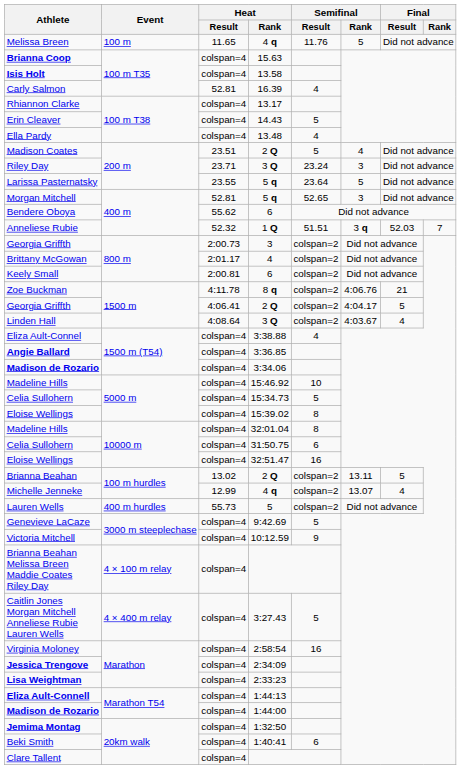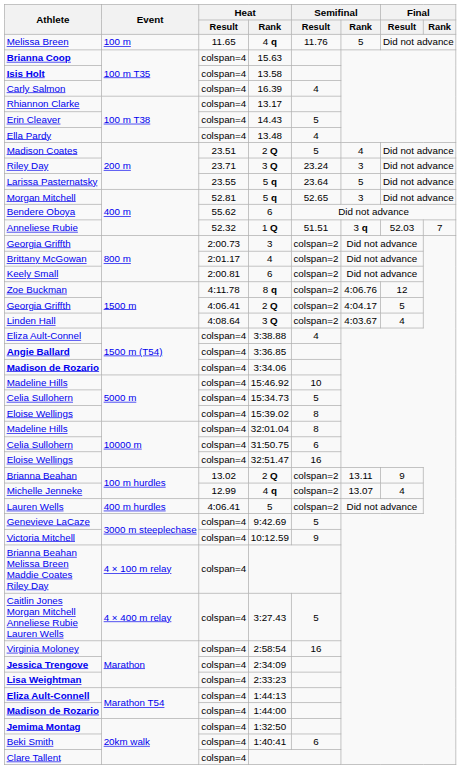 <table class=wikitable style=font-size:90%;text-align:center>
 <tr>
 <th rowspan=2>Athlete</th>
 <th rowspan=2>Event</th>
 <th colspan=2>Heat</th>
 <th colspan=2>Semifinal</th>
 <th colspan=2>Final</th>
 </tr>
 <tr style=font-size:95%>
 <th>Result</th>
 <th>Rank</th>
 <th>Result</th>
 <th>Rank</th>
 <th>Result</th>
 <th>Rank</th>
 </tr>
 <tr>
 <td align=left><a href='#'>Melissa Breen</a></td>
 <td align=left><a href='#'>100 m</a></td>
 <td>11.65</td>
 <td>4 <strong>q</strong></td>
 <td>11.76</td>
 <td>5</td>
 <td colspan=2>Did not advance</td>
 </tr>
 <tr>
 <td align=left><strong><a href='#'>Brianna Coop</a></strong></td>
 <td align=left rowspan=3><a href='#'>100 m T35</a></td>
 <td>colspan=4 </td>
 <td>15.63</td>
 <td></td>
 </tr>
 <tr>
 <td align=left><strong><a href='#'>Isis Holt</a></strong></td>
 <td>colspan=4 </td>
 <td>13.58</td>
 <td></td>
 </tr>
 <tr>
 <td align=left><a href='#'>Carly Salmon</a></td>
-<td>52.81</td>
+<td>colspan=4 </td>
 <td>16.39</td>
 <td>4</td>
 </tr>
 <tr>
 <td align=left><a href='#'>Rhiannon Clarke</a></td>
 <td align=left rowspan=3><a href='#'>100 m T38</a></td>
 <td>colspan=4 </td>
 <td>13.17</td>
 <td></td>
 </tr>
 <tr>
 <td align=left><a href='#'>Erin Cleaver</a></td>
 <td>colspan=4 </td>
 <td>14.43</td>
 <td>5</td>
 </tr>
 <tr>
 <td align=left><a href='#'>Ella Pardy</a></td>
 <td>colspan=4 </td>
 <td>13.48</td>
 <td>4</td>
 </tr>
 <tr>
 <td align=left><a href='#'>Madison Coates</a></td>
 <td align=left rowspan=3><a href='#'>200 m</a></td>
 <td>23.51</td>
 <td>2 <strong>Q</strong></td>
 <td>5</td>
 <td>4</td>
 <td colspan=2>Did not advance</td>
 </tr>
 <tr>
 <td align=left><a href='#'>Riley Day</a></td>
 <td>23.71</td>
 <td>3 <strong>Q</strong></td>
 <td>23.24</td>
 <td>3</td>
 <td colspan=2>Did not advance</td>
 </tr>
 <tr>
 <td align=left><a href='#'>Larissa Pasternatsky</a></td>
 <td>23.55</td>
 <td>5 <strong>q</strong></td>
 <td>23.64</td>
 <td>5</td>
 <td colspan=2>Did not advance</td>
 </tr>
 <tr>
 <td align=left><a href='#'>Morgan Mitchell</a></td>
 <td align=left rowspan=3><a href='#'>400 m</a></td>
 <td>52.81</td>
 <td>5 <strong>q</strong></td>
 <td>52.65</td>
 <td>3</td>
 <td colspan=2>Did not advance</td>
 </tr>
 <tr>
 <td align=left><a href='#'>Bendere Oboya</a></td>
 <td>55.62</td>
 <td>6</td>
 <td colspan=4>Did not advance</td>
 </tr>
 <tr>
 <td align=left><a href='#'>Anneliese Rubie</a></td>
 <td>52.32</td>
 <td>1 <strong>Q</strong></td>
 <td>51.51</td>
 <td>3 <strong>q</strong></td>
 <td>52.03</td>
 <td>7</td>
 </tr>
 <tr>
 <td align=left><a href='#'>Georgia Griffth</a></td>
 <td align=left rowspan=3><a href='#'>800 m</a></td>
 <td>2:00.73</td>
 <td>3</td>
 <td>colspan=2 </td>
 <td colspan=2>Did not advance</td>
 </tr>
 <tr>
 <td align=left><a href='#'>Brittany McGowan</a></td>
 <td>2:01.17</td>
 <td>4</td>
 <td>colspan=2 </td>
 <td colspan=2>Did not advance</td>
 </tr>
 <tr>
 <td align=left><a href='#'>Keely Small</a></td>
 <td>2:00.81</td>
 <td>6</td>
 <td>colspan=2 </td>
 <td colspan=2>Did not advance</td>
 </tr>
 <tr>
 <td align=left><a href='#'>Zoe Buckman</a></td>
 <td align=left rowspan=3><a href='#'>1500 m</a></td>
 <td>4:11.78</td>
 <td>8 <strong>q</strong></td>
 <td>colspan=2 </td>
 <td>4:06.76</td>
-<td>21</td>
+<td>12</td>
 </tr>
 <tr>
 <td align=left><a href='#'>Georgia Griffth</a></td>
 <td>4:06.41</td>
 <td>2 <strong>Q</strong></td>
 <td>colspan=2 </td>
 <td>4:04.17</td>
 <td>5</td>
 </tr>
 <tr>
 <td align=left><a href='#'>Linden Hall</a></td>
 <td>4:08.64</td>
 <td>3 <strong>Q</strong></td>
 <td>colspan=2 </td>
 <td>4:03.67</td>
 <td>4</td>
 </tr>
 <tr>
 <td align=left><a href='#'>Eliza Ault-Connel</a></td>
 <td align=left rowspan=3><a href='#'>1500 m (T54)</a></td>
 <td>colspan=4 </td>
 <td>3:38.88</td>
 <td>4</td>
 </tr>
 <tr>
 <td align=left><strong><a href='#'>Angie Ballard</a></strong></td>
 <td>colspan=4 </td>
 <td>3:36.85</td>
 <td></td>
 </tr>
 <tr>
 <td align=left><strong><a href='#'>Madison de Rozario</a></strong></td>
 <td>colspan=4 </td>
 <td>3:34.06</td>
 <td></td>
 </tr>
 <tr>
 <td align=left><a href='#'>Madeline Hills</a></td>
 <td align=left rowspan=3><a href='#'>5000 m</a></td>
 <td>colspan=4 </td>
 <td>15:46.92</td>
 <td>10</td>
 </tr>
 <tr>
 <td align=left><a href='#'>Celia Sullohern</a></td>
 <td>colspan=4 </td>
 <td>15:34.73</td>
 <td>5</td>
 </tr>
 <tr>
 <td align=left><a href='#'>Eloise Wellings</a></td>
 <td>colspan=4 </td>
 <td>15:39.02</td>
 <td>8</td>
 </tr>
 <tr>
 <td align=left><a href='#'>Madeline Hills</a></td>
 <td align=left rowspan=3><a href='#'>10000 m</a></td>
 <td>colspan=4 </td>
 <td>32:01.04</td>
 <td>8</td>
 </tr>
 <tr>
 <td align=left><a href='#'>Celia Sullohern</a></td>
 <td>colspan=4 </td>
 <td>31:50.75</td>
 <td>6</td>
 </tr>
 <tr>
 <td align=left><a href='#'>Eloise Wellings</a></td>
 <td>colspan=4 </td>
 <td>32:51.47</td>
 <td>16</td>
 </tr>
 <tr>
 <td align=left><a href='#'>Brianna Beahan</a></td>
 <td align=left rowspan=2><a href='#'>100 m hurdles</a></td>
 <td>13.02</td>
 <td>2 <strong>Q</strong></td>
 <td>colspan=2 </td>
 <td>13.11</td>
-<td>5</td>
+<td>9</td>
 </tr>
 <tr>
 <td align=left><a href='#'>Michelle Jenneke</a></td>
 <td>12.99</td>
 <td>4 <strong>q</strong></td>
 <td>colspan=2 </td>
 <td>13.07</td>
 <td>4</td>
 </tr>
 <tr>
 <td align=left><a href='#'>Lauren Wells</a></td>
 <td align=left><a href='#'>400 m hurdles</a></td>
-<td>55.73</td>
+<td>4:06.41</td>
 <td>5</td>
 <td>colspan=2 </td>
 <td colspan=2>Did not advance</td>
 </tr>
 <tr>
 <td align=left><a href='#'>Genevieve LaCaze</a></td>
 <td align=left rowspan=2><a href='#'>3000 m steeplechase</a></td>
 <td>colspan=4 </td>
 <td>9:42.69</td>
 <td>5</td>
 </tr>
 <tr>
 <td align=left><a href='#'>Victoria Mitchell</a></td>
 <td>colspan=4 </td>
 <td>10:12.59</td>
 <td>9</td>
 </tr>
 <tr>
 <td align=left><a href='#'>Brianna Beahan</a><br><a href='#'>Melissa Breen</a><br><a href='#'>Maddie Coates</a><br><a href='#'>Riley Day</a></td>
 <td align=left><a href='#'>4 × 100 m relay</a></td>
 <td>colspan=4 </td>
 <td colspan=2></td>
 </tr>
 <tr>
 <td align=left><a href='#'>Caitlin Jones</a><br><a href='#'>Morgan Mitchell</a><br><a href='#'>Anneliese Rubie</a><br><a href='#'>Lauren Wells</a></td>
 <td align=left><a href='#'>4 × 400 m relay</a></td>
 <td>colspan=4 </td>
 <td>3:27.43</td>
 <td>5</td>
 </tr>
 <tr>
 <td align=left><a href='#'>Virginia Moloney</a></td>
 <td align=left rowspan=3><a href='#'>Marathon</a></td>
 <td>colspan=4 </td>
 <td>2:58:54</td>
 <td>16</td>
 </tr>
 <tr>
 <td align=left><strong><a href='#'>Jessica Trengove</a></strong></td>
 <td>colspan=4 </td>
 <td>2:34:09</td>
 <td></td>
 </tr>
 <tr>
 <td align=left><strong><a href='#'>Lisa Weightman</a></strong></td>
 <td>colspan=4 </td>
 <td>2:33:23</td>
 <td></td>
 </tr>
 <tr>
 <td align=left><strong><a href='#'>Eliza Ault-Connell</a></strong></td>
 <td align=left rowspan=2><a href='#'>Marathon T54</a></td>
 <td>colspan=4 </td>
 <td>1:44:13</td>
 <td></td>
 </tr>
 <tr>
 <td align=left><strong><a href='#'>Madison de Rozario</a></strong></td>
 <td>colspan=4 </td>
 <td>1:44:00</td>
 <td></td>
 </tr>
 <tr>
 <td align=left><strong><a href='#'>Jemima Montag</a></strong></td>
 <td align=left rowspan=3><a href='#'>20km walk</a></td>
 <td>colspan=4 </td>
 <td>1:32:50</td>
 <td></td>
 </tr>
 <tr>
 <td align=left><a href='#'>Beki Smith</a></td>
 <td>colspan=4 </td>
 <td>1:40:41</td>
 <td>6</td>
 </tr>
 <tr>
 <td align=left><a href='#'>Clare Tallent</a></td>
 <td>colspan=4 </td>
 <td colspan=2></td>
 </tr>
 </table>
